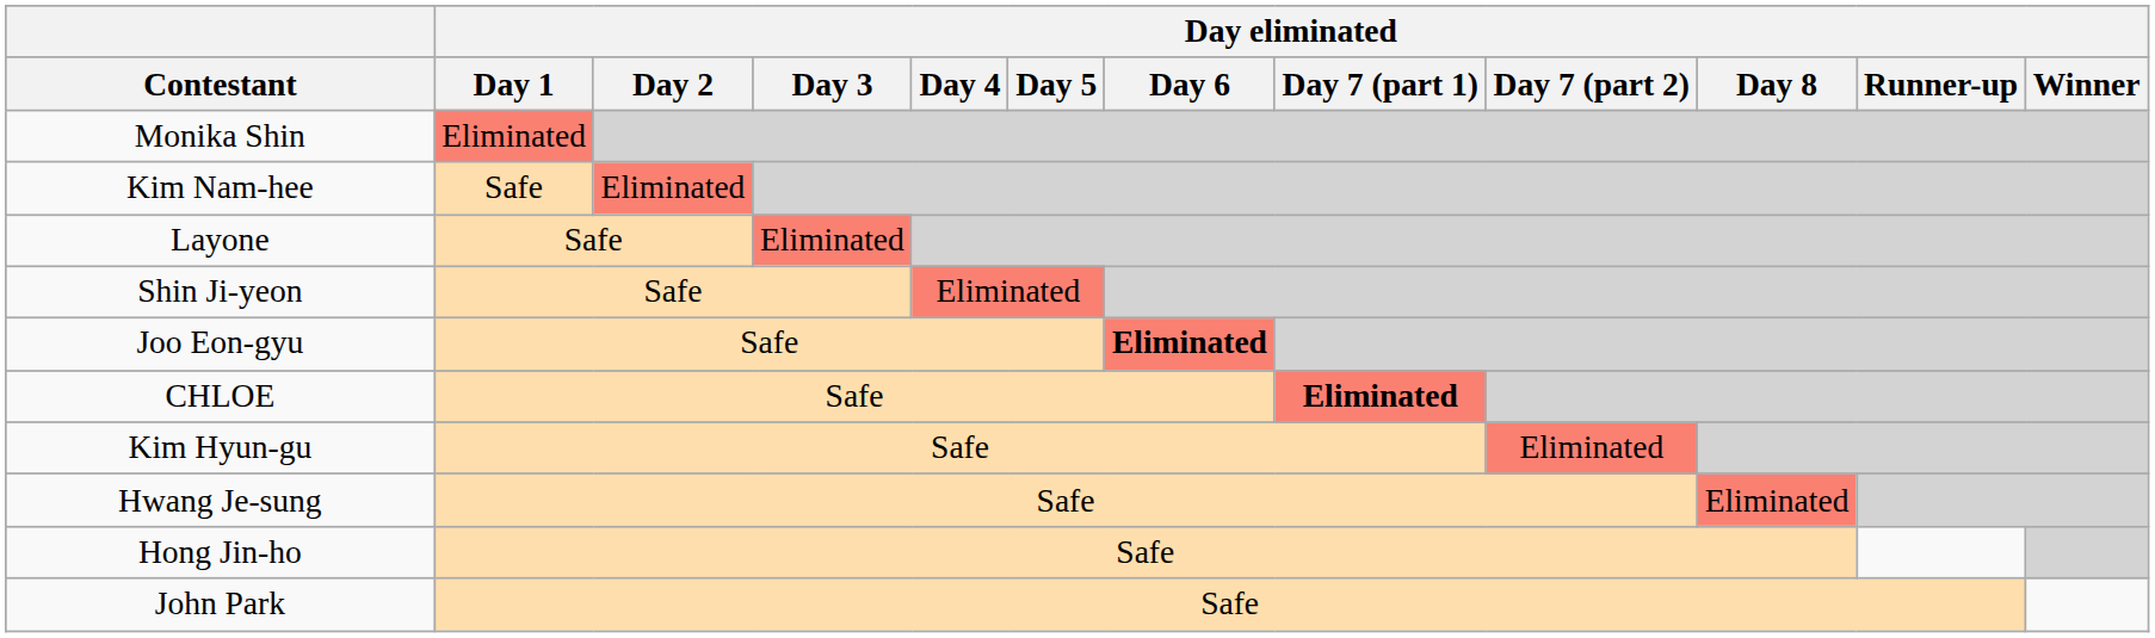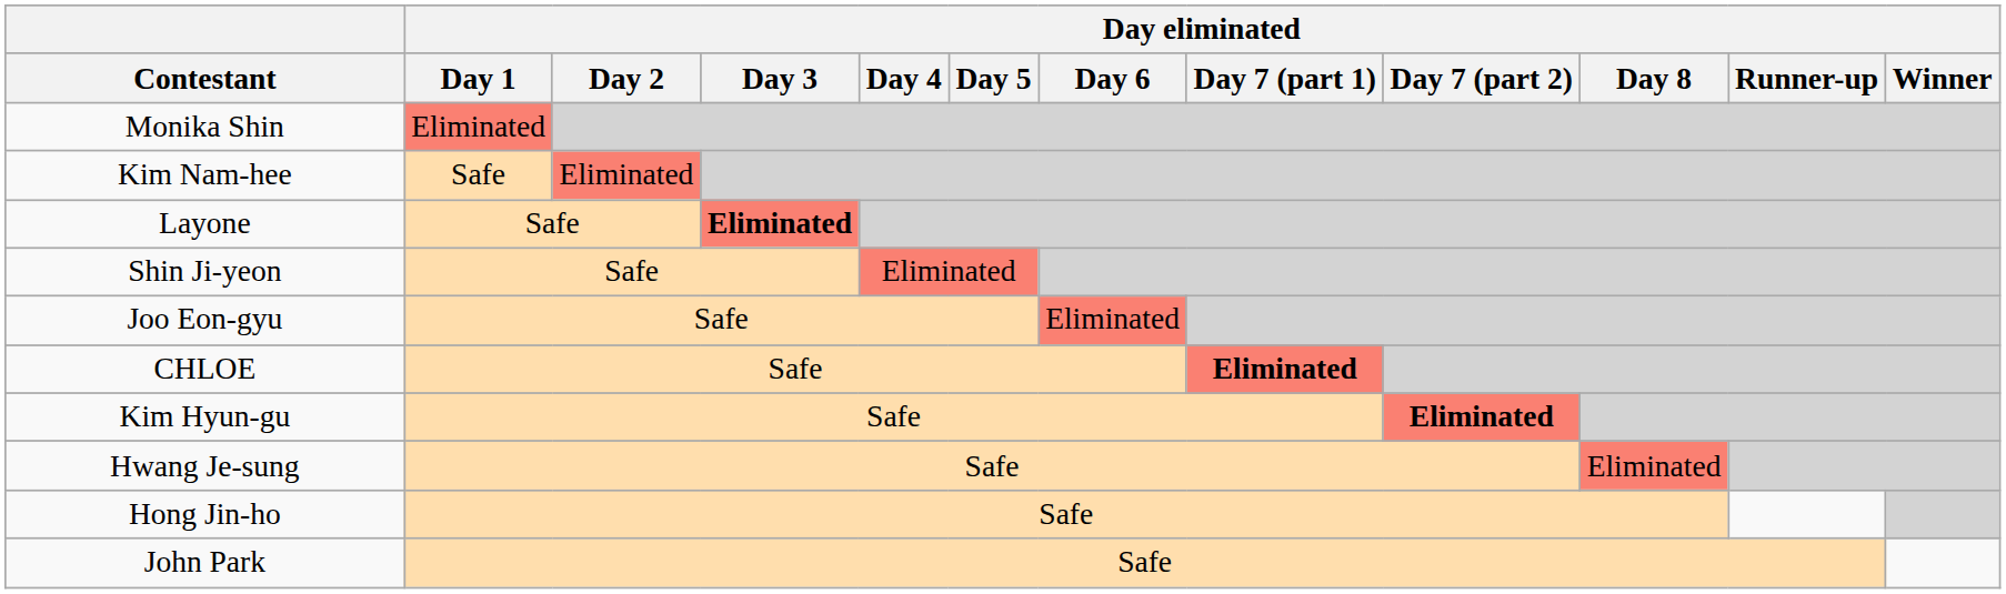 <table class="wikitable" style="text-align:center">
 <tr>
 <th></th>
 <th colspan="11">Day eliminated</th>
 </tr>
 <tr>
 <th style="width:20%">Contestant</th>
 <th>Day 1</th>
 <th>Day 2</th>
 <th>Day 3</th>
 <th>Day 4</th>
 <th>Day 5</th>
 <th>Day 6</th>
 <th>Day 7 (part 1)</th>
 <th>Day 7 (part 2)</th>
 <th>Day 8</th>
 <th>Runner-up</th>
 <th>Winner</th>
 </tr>
 <tr>
 <td>Monika Shin</td>
 <td bgcolor="salmon">Eliminated</td>
 <td colspan="10" bgcolor="lightgray"></td>
 </tr>
 <tr>
 <td>Kim Nam-hee</td>
 <td bgcolor="navajowhite">Safe</td>
 <td bgcolor="salmon">Eliminated</td>
 <td colspan="9" bgcolor="lightgray"></td>
 </tr>
 <tr>
 <td>Layone</td>
 <td colspan="2" bgcolor="navajowhite">Safe</td>
-<td bgcolor="salmon">Eliminated</td>
+<td bgcolor="salmon"><strong>Eliminated</strong></td>
 <td colspan="8" bgcolor="lightgray"></td>
 </tr>
 <tr>
 <td>Shin Ji-yeon</td>
 <td colspan="3" bgcolor="navajowhite">Safe</td>
 <td colspan="2" bgcolor="salmon">Eliminated</td>
 <td colspan="6" bgcolor="lightgray"></td>
 </tr>
 <tr>
 <td>Joo Eon-gyu</td>
 <td colspan="5" bgcolor="navajowhite">Safe</td>
-<td bgcolor="salmon"><strong>Eliminated</strong></td>
+<td bgcolor="salmon">Eliminated</td>
 <td colspan="5" bgcolor="lightgray"></td>
 </tr>
 <tr>
 <td>CHLOE</td>
 <td colspan="6" bgcolor="navajowhite">Safe</td>
 <td bgcolor="salmon"><strong>Eliminated</strong></td>
 <td colspan="4" bgcolor="lightgray"></td>
 </tr>
 <tr>
 <td>Kim Hyun-gu</td>
 <td colspan="7" bgcolor="navajowhite">Safe</td>
-<td bgcolor="salmon">Eliminated</td>
+<td bgcolor="salmon"><strong>Eliminated</strong></td>
 <td colspan="3" bgcolor="lightgray"></td>
 </tr>
 <tr>
 <td>Hwang Je-sung</td>
 <td colspan="8" bgcolor="navajowhite">Safe</td>
 <td bgcolor="salmon">Eliminated</td>
 <td colspan="2" bgcolor="lightgray"></td>
 </tr>
 <tr>
 <td>Hong Jin-ho</td>
 <td colspan="9" bgcolor="navajowhite">Safe</td>
 <td></td>
 <td bgcolor="lightgray"></td>
 </tr>
 <tr>
 <td>John Park</td>
 <td colspan="10" bgcolor="navajowhite">Safe</td>
 <td></td>
 </tr>
 </table>
